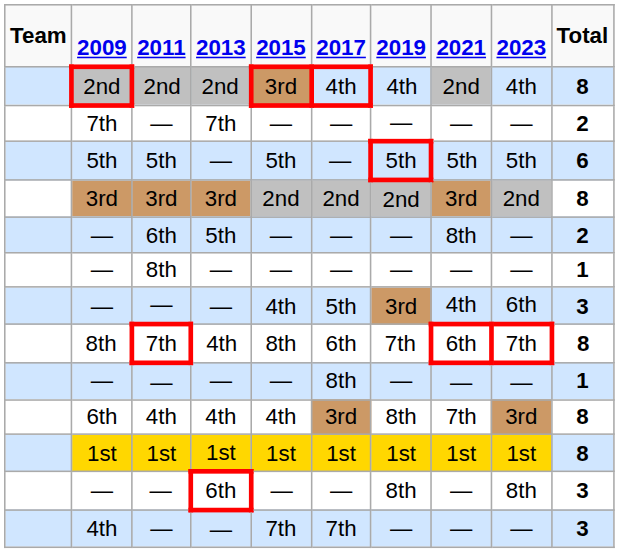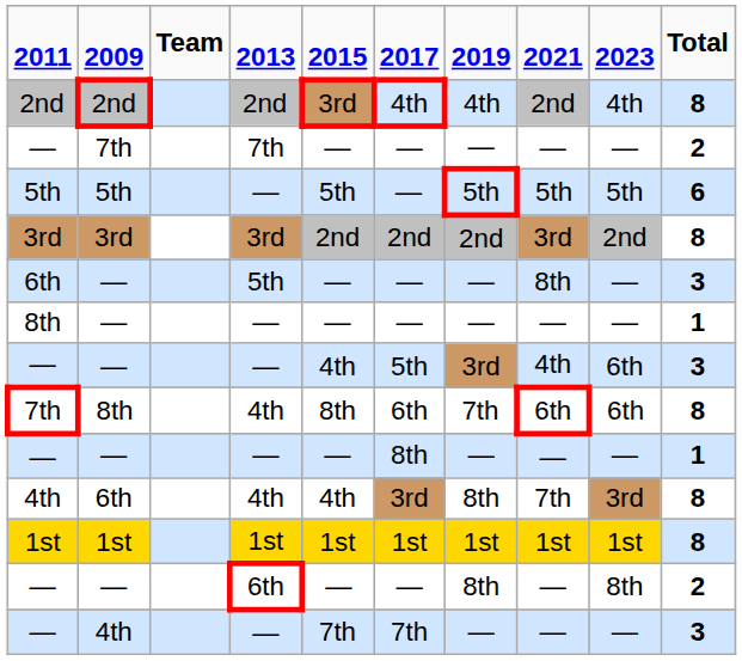 <table class="wikitable" style="text-align:center; font-size:90%">
 <tr bgcolor=>
+<td><strong><br><a href='#'>2011</a></strong></td>
+<td><strong><br><a href='#'>2009</a></strong></td>
 <td><strong>Team</strong></td>
-<td><strong><br><a href='#'>2009</a></strong></td>
-<td><strong><br><a href='#'>2011</a></strong></td>
 <td><strong><br><a href='#'>2013</a></strong></td>
 <td><strong><br><a href='#'>2015</a></strong></td>
 <td><strong><br><a href='#'>2017</a></strong></td>
 <td><strong><br><a href='#'>2019</a></strong></td>
 <td><strong><br><a href='#'>2021</a></strong></td>
 <td><strong><br><a href='#'>2023</a></strong></td>
 <td><strong>Total</strong></td>
 </tr>
 <tr bgcolor=#D0E6FF>
+<td bgcolor=silver>2nd</td>
+<td style="border: 3px solid red" bgcolor=silver>2nd</td>
 <td align=left></td>
-<td style="border: 3px solid red" bgcolor=silver>2nd</td>
-<td bgcolor=silver>2nd</td>
 <td bgcolor=silver>2nd</td>
 <td style="border: 3px solid red" bgcolor=#cc9966>3rd</td>
 <td style="border: 3px solid red">4th</td>
 <td>4th</td>
 <td bgcolor=silver>2nd</td>
 <td>4th</td>
 <td><strong>8</strong></td>
 </tr>
 <tr bgcolor=#FFFFFF>
+<td>—</td>
+<td>7th</td>
 <td align=left></td>
-<td>7th</td>
-<td>—</td>
 <td>7th</td>
 <td>—</td>
 <td>—</td>
 <td>—</td>
 <td>—</td>
 <td>—</td>
 <td><strong>2</strong></td>
 </tr>
 <tr bgcolor=#D0E6FF>
-<td align=left></td>
 <td>5th</td>
 <td>5th</td>
+<td align=left></td>
 <td>—</td>
 <td>5th</td>
 <td>—</td>
 <td style="border: 3px solid red">5th</td>
 <td>5th</td>
 <td>5th</td>
 <td><strong>6</strong></td>
 </tr>
 <tr bgcolor=#FFFFFF>
-<td align=left></td>
 <td bgcolor=#cc9966>3rd</td>
 <td bgcolor=#cc9966>3rd</td>
+<td align=left></td>
 <td bgcolor=#cc9966>3rd</td>
 <td bgcolor=silver>2nd</td>
 <td bgcolor=silver>2nd</td>
 <td bgcolor=silver>2nd</td>
 <td bgcolor=#cc9966>3rd</td>
 <td bgcolor=silver>2nd</td>
 <td><strong>8</strong></td>
 </tr>
 <tr bgcolor=#D0E6FF>
+<td>6th</td>
+<td>—</td>
 <td align=left></td>
-<td>—</td>
-<td>6th</td>
 <td>5th</td>
 <td>—</td>
 <td>—</td>
 <td>—</td>
 <td>8th</td>
 <td>—</td>
-<td><strong>2</strong></td>
+<td><strong>3</strong></td>
 </tr>
 <tr bgcolor=#FFFFFF>
+<td>8th</td>
+<td>—</td>
 <td align=left></td>
-<td>—</td>
-<td>8th</td>
 <td>—</td>
 <td>—</td>
 <td>—</td>
 <td>—</td>
 <td>—</td>
 <td>—</td>
 <td><strong>1</strong></td>
 </tr>
 <tr bgcolor=#D0E6FF>
-<td align=left></td>
 <td>—</td>
 <td>—</td>
+<td align=left></td>
 <td>—</td>
 <td>4th</td>
 <td>5th</td>
 <td bgcolor=#cc9966>3rd</td>
 <td>4th</td>
 <td>6th</td>
 <td><strong>3</strong></td>
 </tr>
 <tr bgcolor=#FFFFFF>
+<td style="border: 3px solid red">7th</td>
+<td>8th</td>
 <td align=left></td>
-<td>8th</td>
-<td style="border: 3px solid red">7th</td>
 <td>4th</td>
 <td>8th</td>
 <td>6th</td>
 <td>7th</td>
 <td style="border: 3px solid red">6th</td>
-<td style="border: 3px solid red">7th</td>
+<td>6th</td>
 <td><strong>8</strong></td>
 </tr>
 <tr bgcolor=#D0E6FF>
-<td align=left></td>
 <td>—</td>
 <td>—</td>
+<td align=left></td>
 <td>—</td>
 <td>—</td>
 <td>8th</td>
 <td>—</td>
 <td>—</td>
 <td>—</td>
 <td><strong>1</strong></td>
 </tr>
 <tr bgcolor=#FFFFFF>
+<td>4th</td>
+<td>6th</td>
 <td align=left></td>
-<td>6th</td>
-<td>4th</td>
 <td>4th</td>
 <td>4th</td>
 <td bgcolor=#cc9966>3rd</td>
 <td>8th</td>
 <td>7th</td>
 <td bgcolor=#cc9966>3rd</td>
 <td><strong>8</strong></td>
 </tr>
 <tr bgcolor=#D0E6FF>
-<td align=left></td>
 <td bgcolor=gold>1st</td>
 <td bgcolor=gold>1st</td>
+<td align=left></td>
 <td bgcolor=gold>1st</td>
 <td bgcolor=gold>1st</td>
 <td bgcolor=gold>1st</td>
 <td bgcolor=gold>1st</td>
 <td bgcolor=gold>1st</td>
 <td bgcolor=gold>1st</td>
 <td><strong>8</strong></td>
 </tr>
 <tr bgcolor=#FFFFFF>
-<td align=left></td>
 <td>—</td>
 <td>—</td>
+<td align=left></td>
 <td style="border: 3px solid red">6th</td>
 <td>—</td>
 <td>—</td>
 <td>8th</td>
 <td>—</td>
 <td>8th</td>
-<td><strong>3</strong></td>
+<td><strong>2</strong></td>
 </tr>
 <tr bgcolor=#D0E6FF>
+<td>—</td>
+<td>4th</td>
 <td align=left></td>
-<td>4th</td>
-<td>—</td>
 <td>—</td>
 <td>7th</td>
 <td>7th</td>
 <td>—</td>
 <td>—</td>
 <td>—</td>
 <td><strong>3</strong></td>
 </tr>
 </table>
